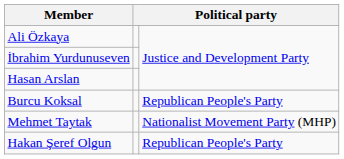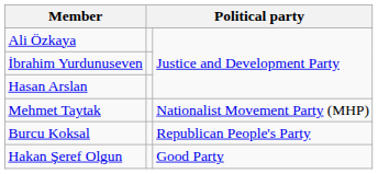 <table class="wikitable sortable">
 <tr>
 <th>Member</th>
 <th colspan="2">Political party</th>
 </tr>
 <tr>
 <td><a href='#'>Ali Özkaya</a></td>
 <td style="background:"></td>
 <td rowspan="3"><a href='#'>Justice and Development Party</a></td>
 </tr>
 <tr>
 <td><a href='#'>İbrahim Yurdunuseven</a></td>
 <td style="background:"></td>
 </tr>
 <tr>
 <td><a href='#'>Hasan Arslan</a></td>
 <td style="background:"></td>
 </tr>
 <tr>
+<td><a href='#'>Mehmet Taytak</a></td>
+<td style="background:"></td>
+<td><a href='#'>Nationalist Movement Party</a> (MHP)</td>
+</tr>
+<tr>
 <td><a href='#'>Burcu Koksal</a></td>
 <td style="background:"></td>
 <td><a href='#'>Republican People's Party</a></td>
 </tr>
 <tr>
-<td><a href='#'>Mehmet Taytak</a></td>
-<td style="background:"></td>
-<td><a href='#'>Nationalist Movement Party</a> (MHP)</td>
-</tr>
-<tr>
 <td><a href='#'>Hakan Şeref Olgun</a></td>
 <td style="background:"></td>
-<td><a href='#'>Republican People's Party</a></td>
+<td><a href='#'>Good Party</a></td>
 </tr>
 </table>
